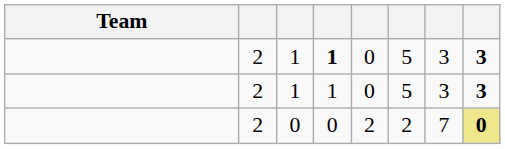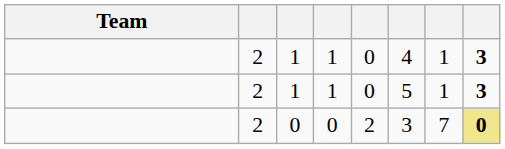 <table class="wikitable" style="text-align:center;">
 <tr>
 <th width=165>Team</th>
 <th width=20></th>
 <th width=20></th>
 <th width=20></th>
 <th width=20></th>
 <th width=20></th>
 <th width=20></th>
 <th width=20></th>
 </tr>
 <tr>
 <td align="left"></td>
 <td>2</td>
 <td>1</td>
-<td><strong>1</strong></td>
+<td>1</td>
 <td>0</td>
-<td>5</td>
-<td>3</td>
+<td>4</td>
+<td>1</td>
 <td><strong>3</strong></td>
 </tr>
 <tr>
 <td align="left"></td>
 <td>2</td>
 <td>1</td>
 <td>1</td>
 <td>0</td>
 <td>5</td>
-<td>3</td>
+<td>1</td>
 <td><strong>3</strong></td>
 </tr>
 <tr>
 <td align="left"></td>
 <td>2</td>
 <td>0</td>
 <td>0</td>
 <td>2</td>
-<td>2</td>
+<td>3</td>
 <td>7</td>
 <td style="background: khaki;"><strong>0</strong></td>
 </tr>
 </table>
